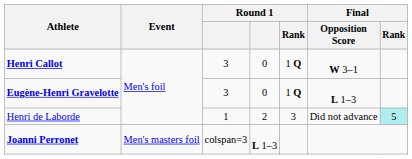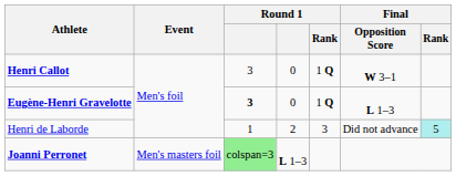 <table class="wikitable" style="font-size:90%">
 <tr>
 <th rowspan=2>Athlete</th>
 <th rowspan=2>Event</th>
 <th colspan=3>Round 1</th>
 <th colspan=2>Final</th>
 </tr>
 <tr style="font-size:95%">
 <th></th>
 <th></th>
 <th>Rank</th>
 <th>Opposition <br> Score</th>
 <th>Rank</th>
 </tr>
 <tr align=center>
 <td align=left><strong><a href='#'>Henri Callot</a></strong></td>
 <td align=left rowspan=3><a href='#'>Men's foil</a></td>
 <td>3</td>
 <td>0</td>
 <td>1 <strong>Q</strong></td>
 <td><br><strong>W</strong> 3–1</td>
 <td></td>
 </tr>
 <tr align=center>
 <td align=left><strong><a href='#'>Eugène-Henri Gravelotte</a></strong></td>
-<td>3</td>
+<td><strong>3</strong></td>
 <td>0</td>
 <td>1 <strong>Q</strong></td>
 <td><br><strong>L</strong> 1–3</td>
 <td></td>
 </tr>
 <tr align=center>
 <td align=left><a href='#'>Henri de Laborde</a></td>
 <td>1</td>
 <td>2</td>
 <td>3</td>
 <td>Did not advance</td>
 <td style="background: paleturquoise;">5</td>
 </tr>
 <tr align=center>
 <td align=left><strong><a href='#'>Joanni Perronet</a></strong></td>
 <td align=left><a href='#'>Men's masters foil</a></td>
-<td>colspan=3 </td>
+<td style="background: lightgreen;">colspan=3 </td>
 <td><br><strong>L</strong> 1–3</td>
 <td></td>
 </tr>
 </table>
